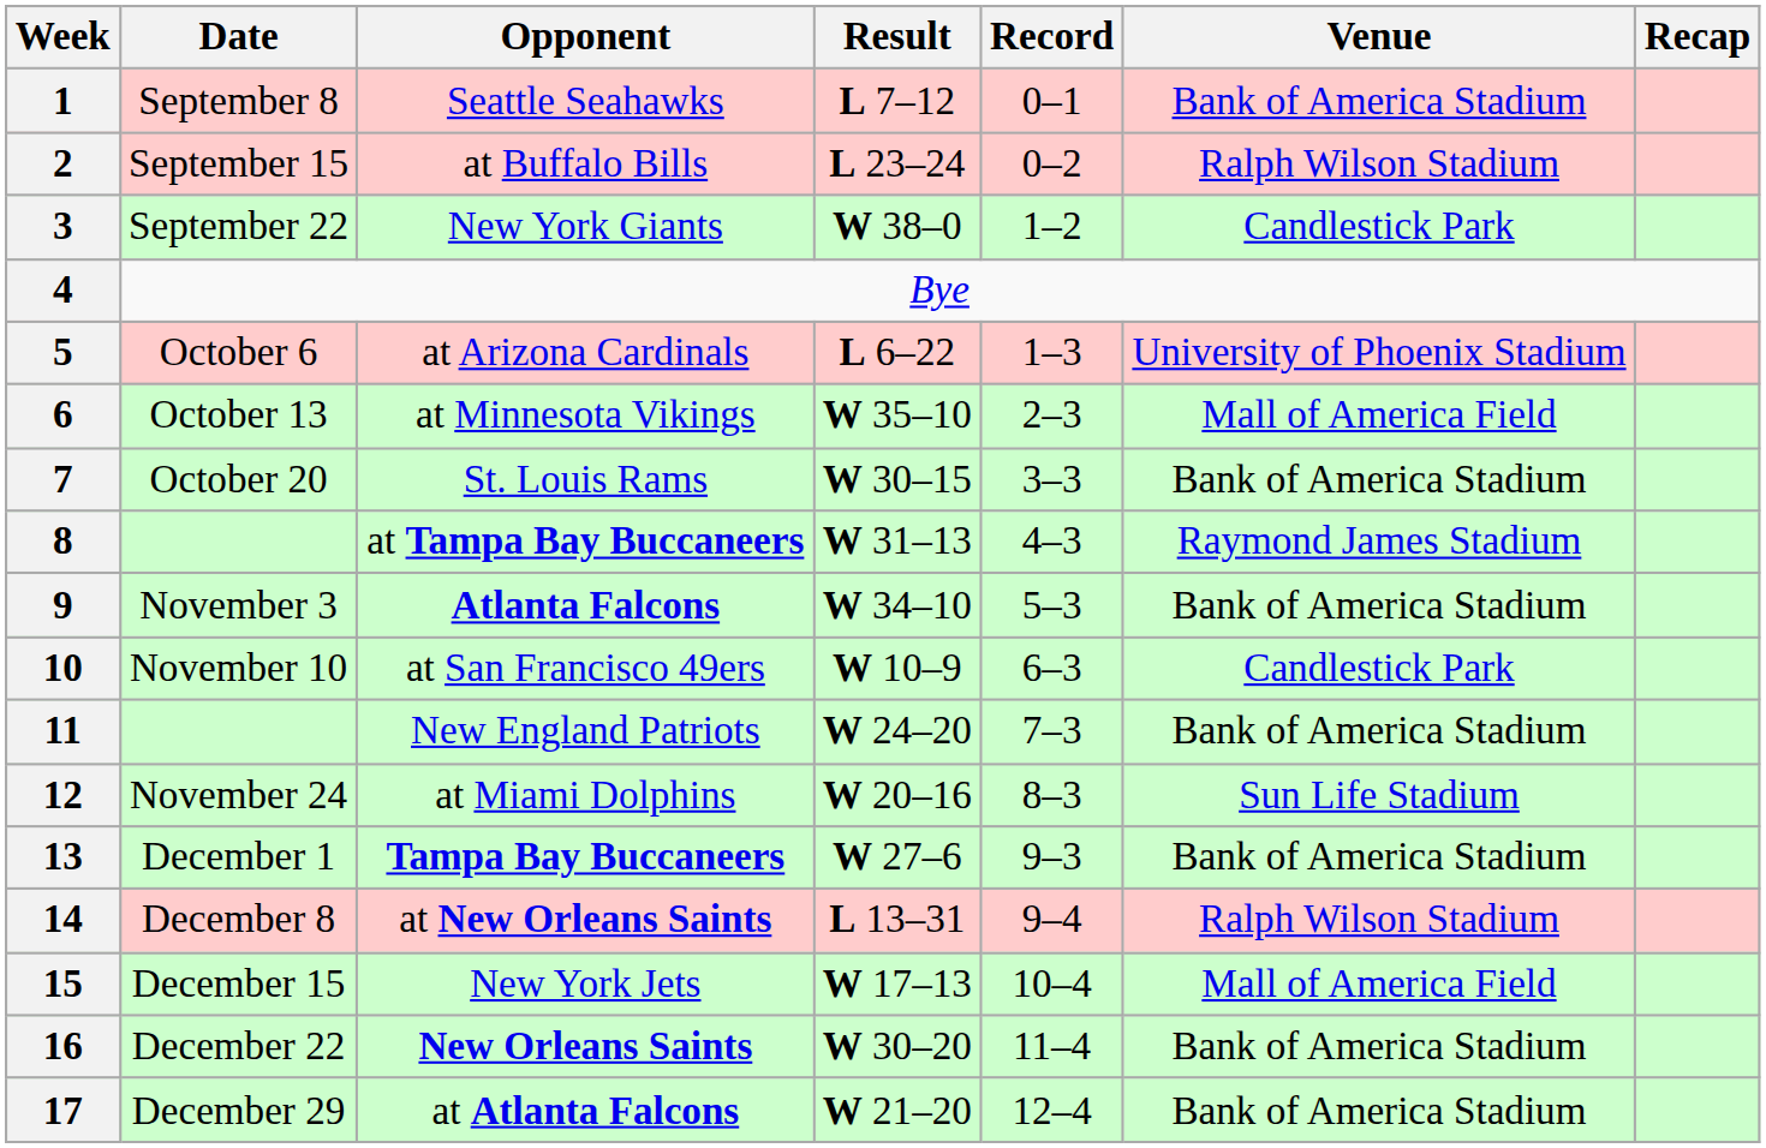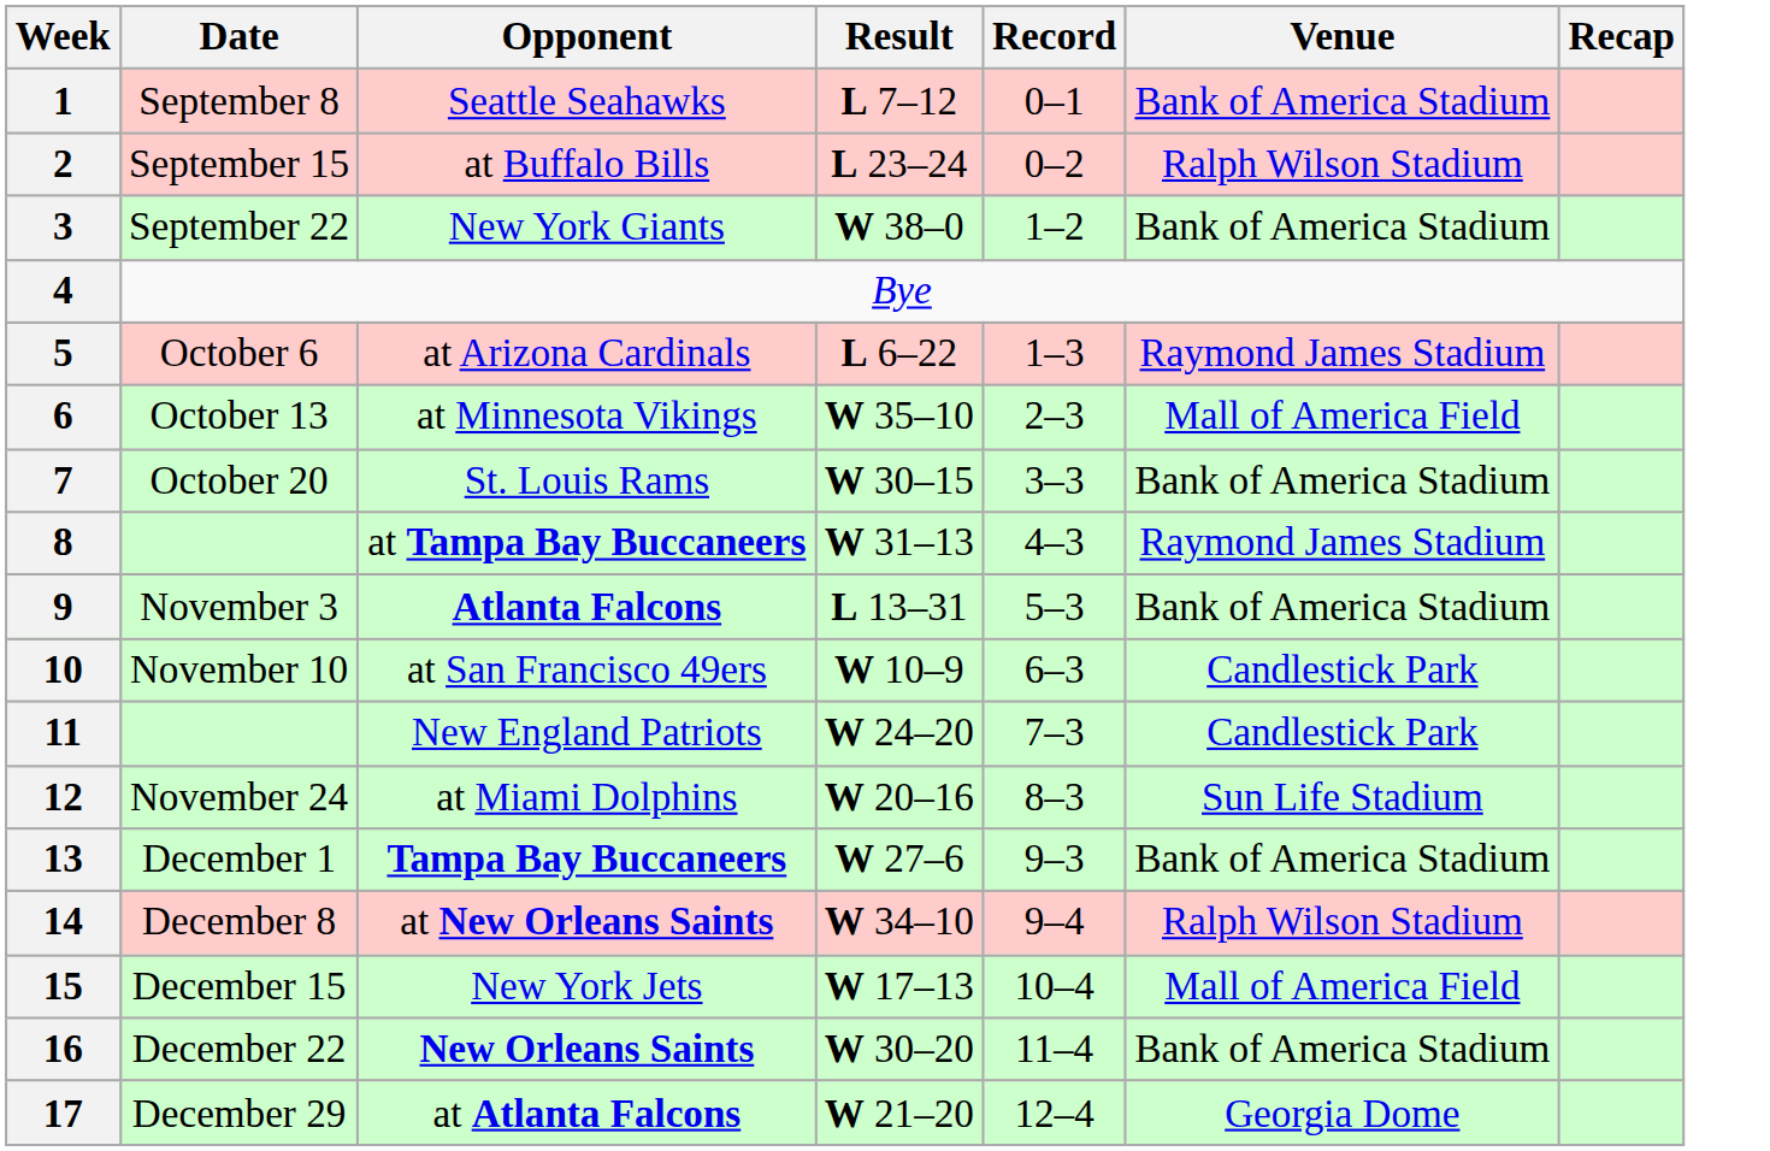 <table class="wikitable" style="text-align:center">
 <tr>
 <th>Week</th>
 <th>Date</th>
 <th>Opponent</th>
 <th>Result</th>
 <th>Record</th>
 <th>Venue</th>
 <th>Recap</th>
 </tr>
 <tr style="background:#fcc">
 <th>1</th>
 <td>September 8</td>
 <td><a href='#'>Seattle Seahawks</a></td>
 <td><strong>L</strong> 7–12</td>
 <td>0–1</td>
 <td><a href='#'>Bank of America Stadium</a></td>
 <td></td>
 </tr>
 <tr style="background:#fcc">
 <th>2</th>
 <td>September 15</td>
 <td>at <a href='#'>Buffalo Bills</a></td>
 <td><strong>L</strong> 23–24</td>
 <td>0–2</td>
 <td><a href='#'>Ralph Wilson Stadium</a></td>
 <td></td>
 </tr>
 <tr style="background:#cfc">
 <th>3</th>
 <td>September 22</td>
 <td><a href='#'>New York Giants</a></td>
 <td><strong>W</strong> 38–0</td>
 <td>1–2</td>
-<td><a href='#'>Candlestick Park</a></td>
+<td>Bank of America Stadium</td>
 <td></td>
 </tr>
 <tr>
 <th>4</th>
 <td colspan="6"><em><a href='#'>Bye</a></em></td>
 </tr>
 <tr style="background:#fcc">
 <th>5</th>
 <td>October 6</td>
 <td>at <a href='#'>Arizona Cardinals</a></td>
 <td><strong>L</strong> 6–22</td>
 <td>1–3</td>
-<td><a href='#'>University of Phoenix Stadium</a></td>
+<td><a href='#'>Raymond James Stadium</a></td>
 <td></td>
 </tr>
 <tr style="background:#cfc">
 <th>6</th>
 <td>October 13</td>
 <td>at <a href='#'>Minnesota Vikings</a></td>
 <td><strong>W</strong> 35–10</td>
 <td>2–3</td>
 <td><a href='#'>Mall of America Field</a></td>
 <td></td>
 </tr>
 <tr style="background:#cfc">
 <th>7</th>
 <td>October 20</td>
 <td><a href='#'>St. Louis Rams</a></td>
 <td><strong>W</strong> 30–15</td>
 <td>3–3</td>
 <td>Bank of America Stadium</td>
 <td></td>
 </tr>
 <tr style="background:#cfc">
 <th>8</th>
 <td></td>
 <td>at <strong><a href='#'>Tampa Bay Buccaneers</a></strong></td>
 <td><strong>W</strong> 31–13</td>
 <td>4–3</td>
 <td><a href='#'>Raymond James Stadium</a></td>
 <td></td>
 </tr>
 <tr style="background:#cfc">
 <th>9</th>
 <td>November 3</td>
 <td><strong><a href='#'>Atlanta Falcons</a></strong></td>
-<td><strong>W</strong> 34–10</td>
+<td><strong>L</strong> 13–31</td>
 <td>5–3</td>
 <td>Bank of America Stadium</td>
 <td></td>
 </tr>
 <tr style="background:#cfc">
 <th>10</th>
 <td>November 10</td>
 <td>at <a href='#'>San Francisco 49ers</a></td>
 <td><strong>W</strong> 10–9</td>
 <td>6–3</td>
 <td><a href='#'>Candlestick Park</a></td>
 <td></td>
 </tr>
 <tr style="background:#cfc">
 <th>11</th>
 <td></td>
 <td><a href='#'>New England Patriots</a></td>
 <td><strong>W</strong> 24–20</td>
 <td>7–3</td>
-<td>Bank of America Stadium</td>
+<td><a href='#'>Candlestick Park</a></td>
 <td></td>
 </tr>
 <tr style="background:#cfc">
 <th>12</th>
 <td>November 24</td>
 <td>at <a href='#'>Miami Dolphins</a></td>
 <td><strong>W</strong> 20–16</td>
 <td>8–3</td>
 <td><a href='#'>Sun Life Stadium</a></td>
 <td></td>
 </tr>
 <tr style="background:#cfc">
 <th>13</th>
 <td>December 1</td>
 <td><strong><a href='#'>Tampa Bay Buccaneers</a></strong></td>
 <td><strong>W</strong> 27–6</td>
 <td>9–3</td>
 <td>Bank of America Stadium</td>
 <td></td>
 </tr>
 <tr style="background:#fcc">
 <th>14</th>
 <td>December 8</td>
 <td>at <strong><a href='#'>New Orleans Saints</a></strong></td>
-<td><strong>L</strong> 13–31</td>
+<td><strong>W</strong> 34–10</td>
 <td>9–4</td>
 <td><a href='#'>Ralph Wilson Stadium</a></td>
 <td></td>
 </tr>
 <tr style="background:#cfc">
 <th>15</th>
 <td>December 15</td>
 <td><a href='#'>New York Jets</a></td>
 <td><strong>W</strong> 17–13</td>
 <td>10–4</td>
 <td><a href='#'>Mall of America Field</a></td>
 <td></td>
 </tr>
 <tr style="background:#cfc">
 <th>16</th>
 <td>December 22</td>
 <td><strong><a href='#'>New Orleans Saints</a></strong></td>
 <td><strong>W</strong> 30–20</td>
 <td>11–4</td>
 <td>Bank of America Stadium</td>
 <td></td>
 </tr>
 <tr style="background:#cfc">
 <th>17</th>
 <td>December 29</td>
 <td>at <strong><a href='#'>Atlanta Falcons</a></strong></td>
 <td><strong>W</strong> 21–20</td>
 <td>12–4</td>
-<td>Bank of America Stadium</td>
+<td><a href='#'>Georgia Dome</a></td>
 <td></td>
 </tr>
 </table>
